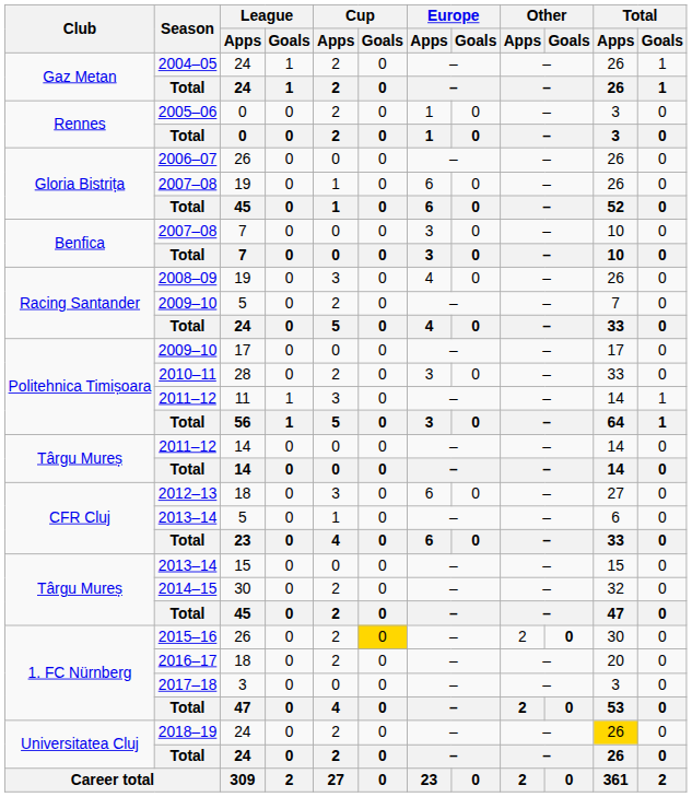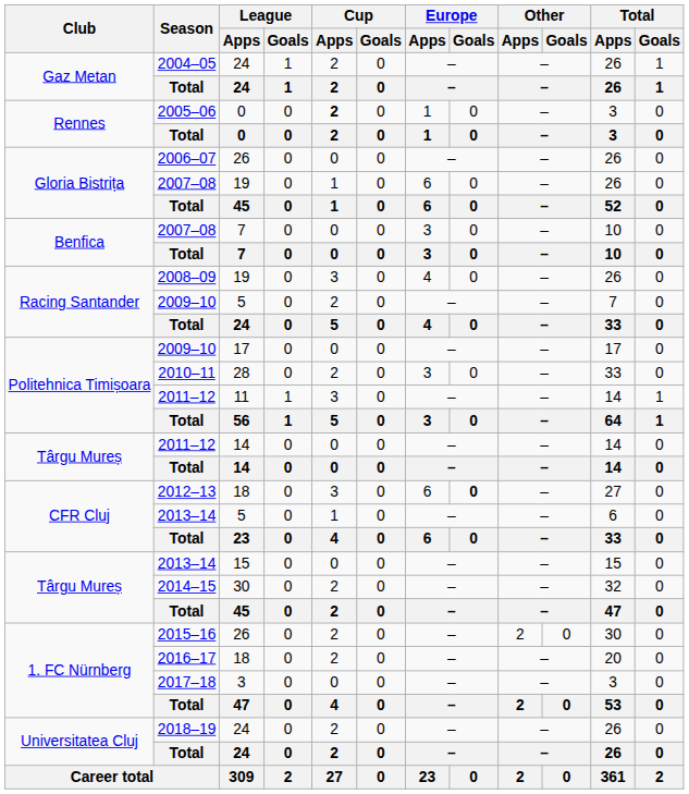 <table class="wikitable" style="text-align: center">
 <tr>
 <th rowspan=2>Club</th>
 <th rowspan=2>Season</th>
 <th colspan=2>League</th>
 <th colspan=2>Cup</th>
 <th colspan=2><a href='#'>Europe</a></th>
 <th colspan=2>Other</th>
 <th colspan=2>Total</th>
 </tr>
 <tr>
 <th>Apps</th>
 <th>Goals</th>
 <th>Apps</th>
 <th>Goals</th>
 <th>Apps</th>
 <th>Goals</th>
 <th>Apps</th>
 <th>Goals</th>
 <th>Apps</th>
 <th>Goals</th>
 </tr>
 <tr>
 <td rowspan=2><a href='#'>Gaz Metan</a></td>
 <td><a href='#'>2004–05</a></td>
 <td>24</td>
 <td>1</td>
 <td>2</td>
 <td>0</td>
 <td colspan="2">–</td>
 <td colspan="2">–</td>
 <td>26</td>
 <td>1</td>
 </tr>
 <tr>
 <th colspan=1>Total</th>
 <th>24</th>
 <th>1</th>
 <th>2</th>
 <th>0</th>
 <th colspan="2">–</th>
 <th colspan="2">–</th>
 <th>26</th>
 <th>1</th>
 </tr>
 <tr>
 <td rowspan=2><a href='#'>Rennes</a></td>
 <td><a href='#'>2005–06</a></td>
 <td>0</td>
 <td>0</td>
-<td>2</td>
+<td><strong>2</strong></td>
 <td>0</td>
 <td>1</td>
 <td>0</td>
 <td colspan="2">–</td>
 <td>3</td>
 <td>0</td>
 </tr>
 <tr>
 <th colspan=1>Total</th>
 <th>0</th>
 <th>0</th>
 <th>2</th>
 <th>0</th>
 <th>1</th>
 <th>0</th>
 <th colspan="2">–</th>
 <th>3</th>
 <th>0</th>
 </tr>
 <tr>
 <td rowspan=3><a href='#'>Gloria Bistrița</a></td>
 <td><a href='#'>2006–07</a></td>
 <td>26</td>
 <td>0</td>
 <td>0</td>
 <td>0</td>
 <td colspan="2">–</td>
 <td colspan="2">–</td>
 <td>26</td>
 <td>0</td>
 </tr>
 <tr>
 <td><a href='#'>2007–08</a></td>
 <td>19</td>
 <td>0</td>
 <td>1</td>
 <td>0</td>
 <td>6</td>
 <td>0</td>
 <td colspan="2">–</td>
 <td>26</td>
 <td>0</td>
 </tr>
 <tr>
 <th colspan=1>Total</th>
 <th>45</th>
 <th>0</th>
 <th>1</th>
 <th>0</th>
 <th>6</th>
 <th>0</th>
 <th colspan="2">–</th>
 <th>52</th>
 <th>0</th>
 </tr>
 <tr>
 <td rowspan=2><a href='#'>Benfica</a></td>
 <td><a href='#'>2007–08</a></td>
 <td>7</td>
 <td>0</td>
 <td>0</td>
 <td>0</td>
 <td>3</td>
 <td>0</td>
 <td colspan="2">–</td>
 <td>10</td>
 <td>0</td>
 </tr>
 <tr>
 <th colspan=1>Total</th>
 <th>7</th>
 <th>0</th>
 <th>0</th>
 <th>0</th>
 <th>3</th>
 <th>0</th>
 <th colspan="2">–</th>
 <th>10</th>
 <th>0</th>
 </tr>
 <tr>
 <td rowspan=3><a href='#'>Racing Santander</a></td>
 <td><a href='#'>2008–09</a></td>
 <td>19</td>
 <td>0</td>
 <td>3</td>
 <td>0</td>
 <td>4</td>
 <td>0</td>
 <td colspan="2">–</td>
 <td>26</td>
 <td>0</td>
 </tr>
 <tr>
 <td><a href='#'>2009–10</a></td>
 <td>5</td>
 <td>0</td>
 <td>2</td>
 <td>0</td>
 <td colspan="2">–</td>
 <td colspan="2">–</td>
 <td>7</td>
 <td>0</td>
 </tr>
 <tr>
 <th colspan=1>Total</th>
 <th>24</th>
 <th>0</th>
 <th>5</th>
 <th>0</th>
 <th>4</th>
 <th>0</th>
 <th colspan="2">–</th>
 <th>33</th>
 <th>0</th>
 </tr>
 <tr>
 <td rowspan=4><a href='#'>Politehnica Timișoara</a></td>
 <td><a href='#'>2009–10</a></td>
 <td>17</td>
 <td>0</td>
 <td>0</td>
 <td>0</td>
 <td colspan="2">–</td>
 <td colspan="2">–</td>
 <td>17</td>
 <td>0</td>
 </tr>
 <tr>
 <td><a href='#'>2010–11</a></td>
 <td>28</td>
 <td>0</td>
 <td>2</td>
 <td>0</td>
 <td>3</td>
 <td>0</td>
 <td colspan="2">–</td>
 <td>33</td>
 <td>0</td>
 </tr>
 <tr>
 <td><a href='#'>2011–12</a></td>
 <td>11</td>
 <td>1</td>
 <td>3</td>
 <td>0</td>
 <td colspan="2">–</td>
 <td colspan="2">–</td>
 <td>14</td>
 <td>1</td>
 </tr>
 <tr>
 <th colspan=1>Total</th>
 <th>56</th>
 <th>1</th>
 <th>5</th>
 <th>0</th>
 <th>3</th>
 <th>0</th>
 <th colspan="2">–</th>
 <th>64</th>
 <th>1</th>
 </tr>
 <tr>
 <td rowspan=2><a href='#'>Târgu Mureș</a></td>
 <td><a href='#'>2011–12</a></td>
 <td>14</td>
 <td>0</td>
 <td>0</td>
 <td>0</td>
 <td colspan="2">–</td>
 <td colspan="2">–</td>
 <td>14</td>
 <td>0</td>
 </tr>
 <tr>
 <th colspan=1>Total</th>
 <th>14</th>
 <th>0</th>
 <th>0</th>
 <th>0</th>
 <th colspan="2">–</th>
 <th colspan="2">–</th>
 <th>14</th>
 <th>0</th>
 </tr>
 <tr>
 <td rowspan=3><a href='#'>CFR Cluj</a></td>
 <td><a href='#'>2012–13</a></td>
 <td>18</td>
 <td>0</td>
 <td>3</td>
 <td>0</td>
 <td>6</td>
-<td>0</td>
+<td><strong>0</strong></td>
 <td colspan="2">–</td>
 <td>27</td>
 <td>0</td>
 </tr>
 <tr>
 <td><a href='#'>2013–14</a></td>
 <td>5</td>
 <td>0</td>
 <td>1</td>
 <td>0</td>
 <td colspan="2">–</td>
 <td colspan="2">–</td>
 <td>6</td>
 <td>0</td>
 </tr>
 <tr>
 <th colspan=1>Total</th>
 <th>23</th>
 <th>0</th>
 <th>4</th>
 <th>0</th>
 <th>6</th>
 <th>0</th>
 <th colspan="2">–</th>
 <th>33</th>
 <th>0</th>
 </tr>
 <tr>
 <td rowspan=3><a href='#'>Târgu Mureș</a></td>
 <td><a href='#'>2013–14</a></td>
 <td>15</td>
 <td>0</td>
 <td>0</td>
 <td>0</td>
 <td colspan="2">–</td>
 <td colspan="2">–</td>
 <td>15</td>
 <td>0</td>
 </tr>
 <tr>
 <td><a href='#'>2014–15</a></td>
 <td>30</td>
 <td>0</td>
 <td>2</td>
 <td>0</td>
 <td colspan="2">–</td>
 <td colspan="2">–</td>
 <td>32</td>
 <td>0</td>
 </tr>
 <tr>
 <th colspan=1>Total</th>
 <th>45</th>
 <th>0</th>
 <th>2</th>
 <th>0</th>
 <th colspan="2">–</th>
 <th colspan="2">–</th>
 <th>47</th>
 <th>0</th>
 </tr>
 <tr>
 <td rowspan=4><a href='#'>1. FC Nürnberg</a></td>
 <td><a href='#'>2015–16</a></td>
 <td>26</td>
 <td>0</td>
 <td>2</td>
-<td style="background: gold;">0</td>
+<td>0</td>
 <td colspan="2">–</td>
 <td>2</td>
-<td><strong>0</strong></td>
+<td>0</td>
 <td>30</td>
 <td>0</td>
 </tr>
 <tr>
 <td><a href='#'>2016–17</a></td>
 <td>18</td>
 <td>0</td>
 <td>2</td>
 <td>0</td>
 <td colspan="2">–</td>
 <td colspan="2">–</td>
 <td>20</td>
 <td>0</td>
 </tr>
 <tr>
 <td><a href='#'>2017–18</a></td>
 <td>3</td>
 <td>0</td>
 <td>0</td>
 <td>0</td>
 <td colspan="2">–</td>
 <td colspan="2">–</td>
 <td>3</td>
 <td>0</td>
 </tr>
 <tr>
 <th colspan=1>Total</th>
 <th>47</th>
 <th>0</th>
 <th>4</th>
 <th>0</th>
 <th colspan="2">–</th>
 <th>2</th>
 <th>0</th>
 <th>53</th>
 <th>0</th>
 </tr>
 <tr>
 <td rowspan=2><a href='#'>Universitatea Cluj</a></td>
 <td><a href='#'>2018–19</a></td>
 <td>24</td>
 <td>0</td>
 <td>2</td>
 <td>0</td>
 <td colspan="2">–</td>
 <td colspan="2">–</td>
-<td style="background: gold;">26</td>
+<td>26</td>
 <td>0</td>
 </tr>
 <tr>
 <th colspan=1>Total</th>
 <th>24</th>
 <th>0</th>
 <th>2</th>
 <th>0</th>
 <th colspan="2">–</th>
 <th colspan="2">–</th>
 <th>26</th>
 <th>0</th>
 </tr>
 <tr>
 <th colspan=2>Career total</th>
 <th>309</th>
 <th>2</th>
 <th>27</th>
 <th>0</th>
 <th>23</th>
 <th>0</th>
 <th>2</th>
 <th>0</th>
 <th>361</th>
 <th>2</th>
 </tr>
 </table>
